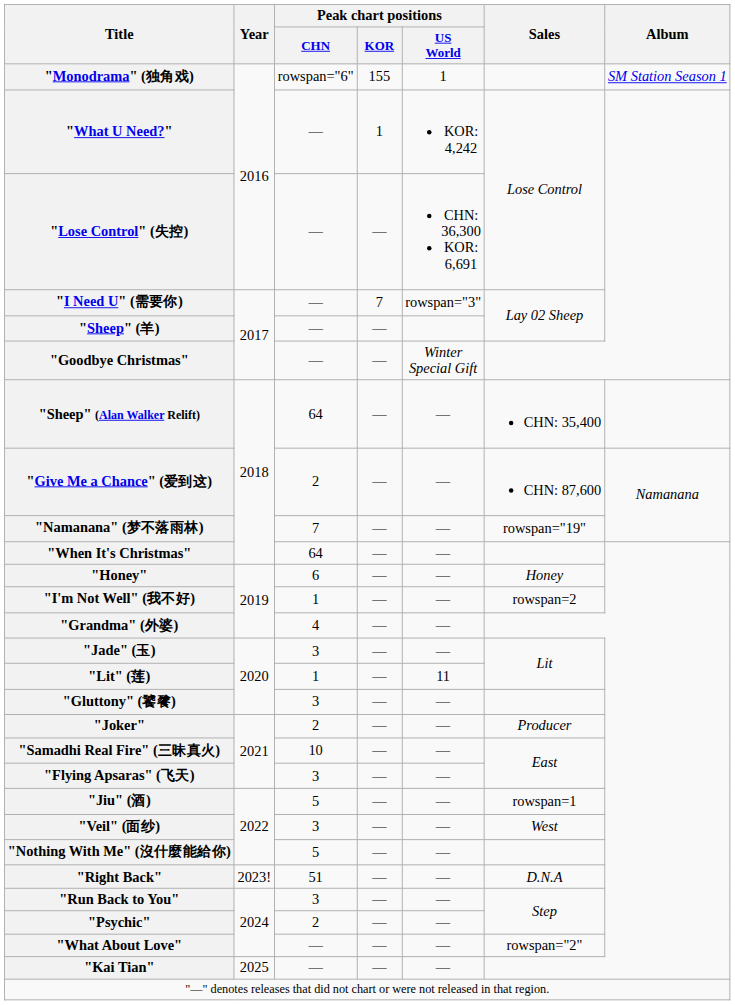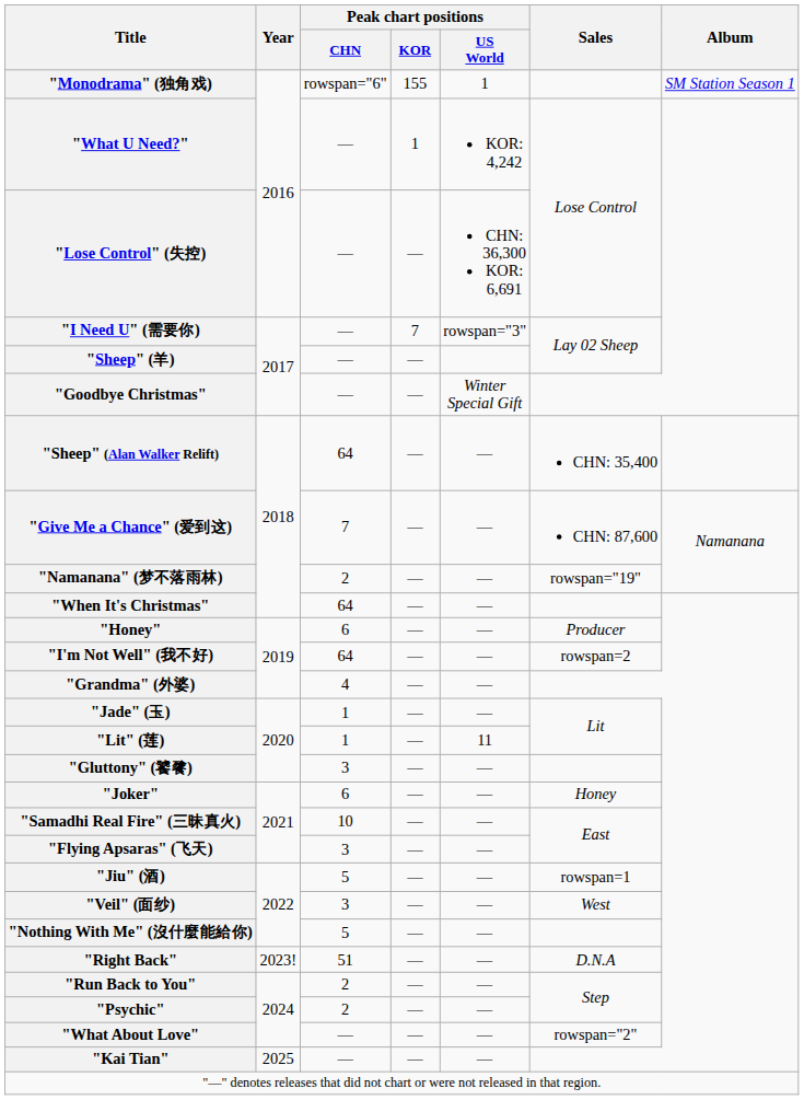 <table class="wikitable plainrowheaders" style="text-align:center;">
 <tr>
 <th scope="col" rowspan="2">Title</th>
 <th scope="col" rowspan="2">Year</th>
 <th scope="col" colspan="3">Peak chart positions</th>
 <th scope="col" rowspan="2">Sales</th>
 <th scope="col" rowspan="2">Album</th>
 </tr>
 <tr>
 <th scope="col" style="width:3em;font-size:90%;"><a href='#'>CHN</a><br></th>
 <th scope="col" style="width:3em;font-size:90%;"><a href='#'>KOR</a><br></th>
 <th scope="col" style="width:3em;font-size:90%;"><a href='#'>US<br>World</a><br></th>
 </tr>
 <tr>
 <th scope="row">"<a href='#'>Monodrama</a>" (独角戏)</th>
 <td rowspan="3">2016</td>
 <td>rowspan="6" </td>
 <td>155</td>
 <td>1</td>
 <td></td>
 <td><em><a href='#'>SM Station Season 1</a></em></td>
 </tr>
 <tr>
 <th scope="row">"<a href='#'>What U Need?</a>"</th>
 <td>—</td>
 <td>1</td>
 <td><br><ul><li>KOR: 4,242</li></ul></td>
 <td rowspan="2"><em>Lose Control</em></td>
 </tr>
 <tr>
 <th scope="row">"<a href='#'>Lose Control</a>" (失控)</th>
 <td>—</td>
 <td>—</td>
 <td><br><ul><li>CHN: 36,300</li><li>KOR: 6,691</li></ul></td>
 </tr>
 <tr>
 <th scope="row">"<a href='#'>I Need U</a>" (需要你)</th>
 <td rowspan="3">2017</td>
 <td>—</td>
 <td>7</td>
 <td>rowspan="3" </td>
 <td rowspan="2"><em>Lay 02 Sheep</em></td>
 </tr>
 <tr>
 <th scope="row">"<a href='#'>Sheep</a>" (羊)</th>
 <td>—</td>
 <td>—</td>
 </tr>
 <tr>
 <th scope="row">"Goodbye Christmas"</th>
 <td>—</td>
 <td>—</td>
 <td><em>Winter Special Gift</em></td>
 </tr>
 <tr>
 <th scope="row">"Sheep" <small>(<a href='#'>Alan Walker</a> Relift)</small></th>
 <td rowspan="4">2018</td>
 <td>64</td>
 <td>—</td>
 <td>—</td>
 <td><br><ul><li>CHN: 35,400</li></ul></td>
 <td></td>
 </tr>
 <tr>
 <th scope="row">"<a href='#'>Give Me a Chance</a>" (爱到这)</th>
-<td>2</td>
+<td>7</td>
 <td>—</td>
 <td>—</td>
 <td><br><ul><li>CHN: 87,600</li></ul></td>
 <td rowspan="2"><em>Namanana</em></td>
 </tr>
 <tr>
 <th scope="row">"Namanana" (梦不落雨林)</th>
-<td>7</td>
+<td>2</td>
 <td>—</td>
 <td>—</td>
 <td>rowspan="19" </td>
 </tr>
 <tr>
 <th scope="row">"When It's Christmas"</th>
 <td>64</td>
 <td>—</td>
 <td>—</td>
 <td></td>
 </tr>
 <tr>
 <th scope="row">"Honey"</th>
 <td rowspan="3">2019</td>
 <td>6</td>
 <td>—</td>
 <td>—</td>
-<td><em>Honey</em></td>
+<td><em>Producer</em></td>
 </tr>
 <tr>
 <th scope="row">"I'm Not Well" (我不好)</th>
-<td>1</td>
+<td>64</td>
 <td>—</td>
 <td>—</td>
 <td>rowspan=2 </td>
 </tr>
 <tr>
 <th scope=row>"Grandma" (外婆)</th>
 <td>4</td>
 <td>—</td>
 <td>—</td>
 </tr>
 <tr>
 <th scope=row>"Jade" (玉)</th>
 <td rowspan="3">2020</td>
-<td>3</td>
+<td>1</td>
 <td>—</td>
 <td>—</td>
 <td rowspan="2"><em>Lit</em></td>
 </tr>
 <tr>
 <th scope=row>"Lit" (莲)</th>
 <td>1</td>
 <td>—</td>
 <td>11</td>
 </tr>
 <tr>
 <th scope=row>"Gluttony" (饕餮)</th>
 <td>3</td>
 <td>—</td>
 <td>—</td>
 <td></td>
 </tr>
 <tr>
 <th scope=row>"Joker"</th>
 <td rowspan="3">2021</td>
-<td>2</td>
+<td>6</td>
 <td>—</td>
 <td>—</td>
-<td><em>Producer</em></td>
+<td><em>Honey</em></td>
 </tr>
 <tr>
 <th scope=row>"Samadhi Real Fire" (三昧真火)</th>
 <td>10</td>
 <td>—</td>
 <td>—</td>
 <td rowspan="2"><em>East</em></td>
 </tr>
 <tr>
 <th scope=row>"Flying Apsaras" (飞天)</th>
 <td>3</td>
 <td>—</td>
 <td>—</td>
 </tr>
 <tr>
 <th scope=row>"Jiu" (酒)</th>
 <td rowspan="3">2022</td>
 <td>5</td>
 <td>—</td>
 <td>—</td>
 <td>rowspan=1 </td>
 </tr>
 <tr>
 <th scope=row>"Veil" (面纱)</th>
 <td>3</td>
 <td>—</td>
 <td>—</td>
 <td><em>West</em></td>
 </tr>
 <tr>
 <th scope=row>"Nothing With Me" (沒什麼能給你)</th>
 <td>5</td>
 <td>—</td>
 <td>—</td>
 <td></td>
 </tr>
 <tr>
 <th scope="row">"Right Back"</th>
 <td>2023!</td>
 <td>51</td>
 <td>—</td>
 <td>—</td>
 <td><em>D.N.A</em></td>
 </tr>
 <tr>
 <th scope=row>"Run Back to You" </th>
 <td rowspan="3">2024</td>
-<td>3</td>
+<td>2</td>
 <td>—</td>
 <td>—</td>
 <td rowspan="2"><em>Step</em></td>
 </tr>
 <tr>
 <th scope="row">"Psychic"</th>
 <td>2</td>
 <td>—</td>
 <td>—</td>
 </tr>
 <tr>
 <th scope="row">"What About Love"</th>
 <td>—</td>
 <td>—</td>
 <td>—</td>
 <td>rowspan="2" </td>
 </tr>
 <tr>
 <th scope="row">"Kai Tian"</th>
 <td>2025</td>
 <td>—</td>
 <td>—</td>
 <td>—</td>
 </tr>
 <tr>
 <td colspan="7" style="font-size:85%">"—" denotes releases that did not chart or were not released in that region.</td>
 </tr>
 </table>
